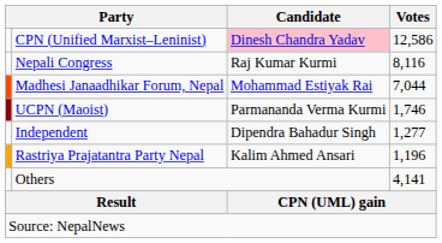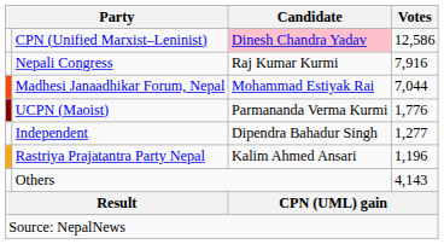 <table class="wikitable">
 <tr>
 <th colspan="2">Party</th>
 <th>Candidate</th>
 <th>Votes</th>
 </tr>
 <tr>
 <td style="background-color:"></td>
 <td><a href='#'>CPN (Unified Marxist–Leninist)</a></td>
 <td style="background: pink;"><a href='#'>Dinesh Chandra Yadav</a></td>
 <td>12,586</td>
 </tr>
 <tr>
 <td style="background-color:"></td>
 <td><a href='#'>Nepali Congress</a></td>
 <td>Raj Kumar Kurmi</td>
-<td>8,116</td>
+<td>7,916</td>
 </tr>
 <tr>
 <td style="background-color:orangered"></td>
 <td><a href='#'>Madhesi Janaadhikar Forum, Nepal</a></td>
 <td><a href='#'>Mohammad Estiyak Rai</a></td>
 <td>7,044</td>
 </tr>
 <tr>
 <td style="background-color:darkred"></td>
 <td><a href='#'>UCPN (Maoist)</a></td>
 <td>Parmananda Verma Kurmi</td>
-<td>1,746</td>
+<td>1,776</td>
 </tr>
 <tr>
 <td style="background-color:"></td>
 <td><a href='#'>Independent</a></td>
 <td>Dipendra Bahadur Singh</td>
 <td>1,277</td>
 </tr>
 <tr>
 <td style="background-color:orange"></td>
 <td><a href='#'>Rastriya Prajatantra Party Nepal</a></td>
 <td>Kalim Ahmed Ansari</td>
 <td>1,196</td>
 </tr>
 <tr>
 <td></td>
 <td colspan="2">Others</td>
-<td>4,141</td>
+<td>4,143</td>
 </tr>
 <tr>
 <th colspan="2">Result</th>
 <th colspan="2">CPN (UML) gain</th>
 </tr>
 <tr>
 <td colspan="4">Source: NepalNews</td>
 </tr>
 </table>
